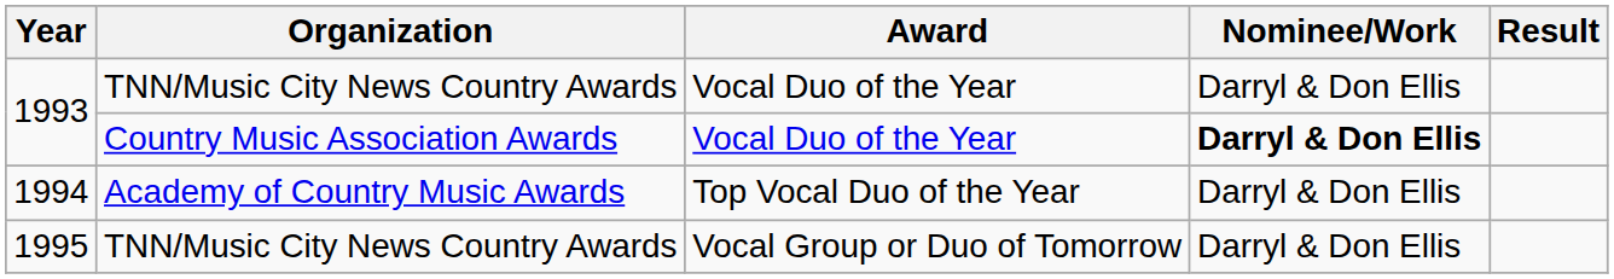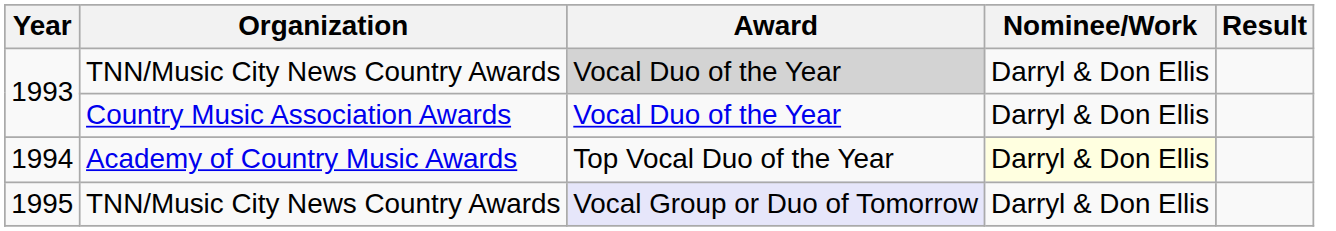 <table class="wikitable">
 <tr>
 <th>Year</th>
 <th>Organization</th>
 <th>Award</th>
 <th>Nominee/Work</th>
 <th>Result</th>
 </tr>
 <tr>
 <td rowspan=2>1993</td>
 <td>TNN/Music City News Country Awards</td>
-<td>Vocal Duo of the Year</td>
+<td style="background: lightgrey;">Vocal Duo of the Year</td>
 <td>Darryl & Don Ellis</td>
 <td></td>
 </tr>
 <tr>
 <td><a href='#'>Country Music Association Awards</a></td>
 <td><a href='#'>Vocal Duo of the Year</a></td>
-<td><strong>Darryl & Don Ellis</strong></td>
+<td>Darryl & Don Ellis</td>
 <td></td>
 </tr>
 <tr>
 <td>1994</td>
 <td><a href='#'>Academy of Country Music Awards</a></td>
 <td>Top Vocal Duo of the Year</td>
-<td>Darryl & Don Ellis</td>
+<td style="background: lightyellow;">Darryl & Don Ellis</td>
 <td></td>
 </tr>
 <tr>
 <td>1995</td>
 <td>TNN/Music City News Country Awards</td>
-<td>Vocal Group or Duo of Tomorrow</td>
+<td style="background: lavender;">Vocal Group or Duo of Tomorrow</td>
 <td>Darryl & Don Ellis</td>
 <td></td>
 </tr>
 </table>
